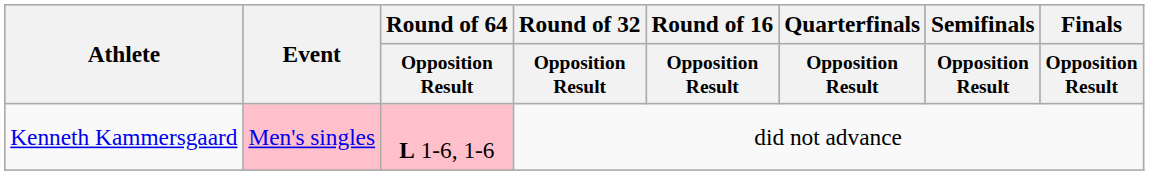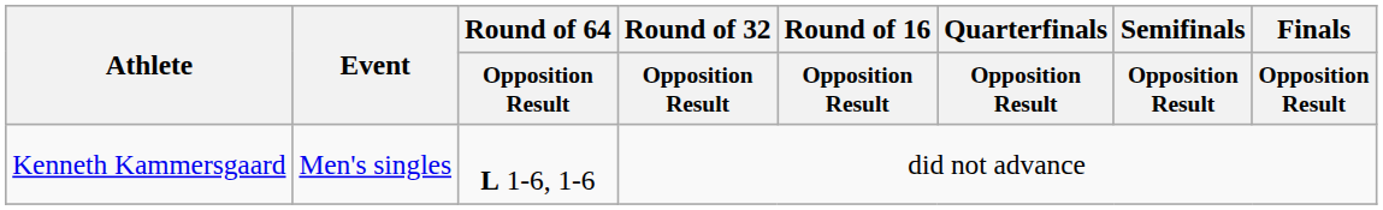 <table class=wikitable style="font-size:90%">
 <tr>
 <th rowspan="2">Athlete</th>
 <th rowspan="2">Event</th>
 <th>Round of 64</th>
 <th>Round of 32</th>
 <th>Round of 16</th>
 <th>Quarterfinals</th>
 <th>Semifinals</th>
 <th>Finals</th>
 </tr>
 <tr>
 <th style="line-height:1em"><small>Opposition<br>Result</small></th>
 <th style="line-height:1em"><small>Opposition<br>Result</small></th>
 <th style="line-height:1em"><small>Opposition<br>Result</small></th>
 <th style="line-height:1em"><small>Opposition<br>Result</small></th>
 <th style="line-height:1em"><small>Opposition<br>Result</small></th>
 <th style="line-height:1em"><small>Opposition<br>Result</small></th>
 </tr>
 <tr>
 <td><a href='#'>Kenneth Kammersgaard</a></td>
-<td style="background: pink;"><a href='#'>Men's singles</a></td>
-<td style="background: pink; text-align:center;"><br><strong>L</strong> 1-6, 1-6</td>
+<td><a href='#'>Men's singles</a></td>
+<td style="text-align:center;"><br><strong>L</strong> 1-6, 1-6</td>
 <td style="text-align:center;" colspan="5">did not advance</td>
 </tr>
 </table>
